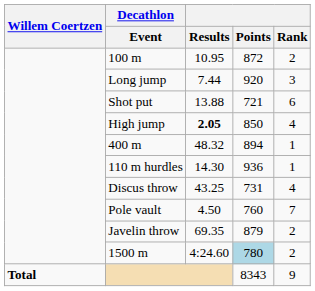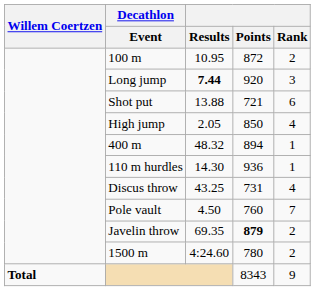 <table class=wikitable style="font-size:90%;">
 <tr>
 <th rowspan="2"><strong><a href='#'>Willem Coertzen</a></strong></th>
 <th><a href='#'>Decathlon</a></th>
 <th colspan="3"></th>
 </tr>
 <tr>
 <th>Event</th>
 <th>Results</th>
 <th>Points</th>
 <th>Rank</th>
 </tr>
 <tr style="border-top: single;">
 <td rowspan="10"></td>
 <td>100 m</td>
 <td align=center>10.95</td>
 <td align=center>872</td>
 <td align=center>2</td>
 </tr>
 <tr>
 <td>Long jump</td>
-<td align=center>7.44</td>
+<td align=center><strong>7.44</strong></td>
 <td align=center>920</td>
 <td align=center>3</td>
 </tr>
 <tr>
 <td>Shot put</td>
 <td align=center>13.88</td>
 <td align=center>721</td>
 <td align=center>6</td>
 </tr>
 <tr>
 <td>High jump</td>
-<td align=center><strong>2.05</strong></td>
+<td align=center>2.05</td>
 <td align=center>850</td>
 <td align=center>4</td>
 </tr>
 <tr>
 <td>400 m</td>
 <td align=center>48.32</td>
 <td align=center>894</td>
 <td align=center>1</td>
 </tr>
 <tr>
 <td>110 m hurdles</td>
 <td align=center>14.30</td>
 <td align=center>936</td>
 <td align=center>1</td>
 </tr>
 <tr>
 <td>Discus throw</td>
 <td align=center>43.25</td>
 <td align=center>731</td>
 <td align=center>4</td>
 </tr>
 <tr>
 <td>Pole vault</td>
 <td align=center>4.50</td>
 <td align=center>760</td>
 <td align=center>7</td>
 </tr>
 <tr>
 <td>Javelin throw</td>
 <td align=center>69.35</td>
-<td align=center>879</td>
+<td align=center><strong>879</strong></td>
 <td align=center>2</td>
 </tr>
 <tr>
 <td>1500 m</td>
 <td align=center>4:24.60</td>
-<td align=center style="background: lightblue;">780</td>
+<td align=center>780</td>
 <td align=center>2</td>
 </tr>
 <tr style="border-top: single;">
 <td><strong>Total</strong></td>
 <td colspan="2" style="background:wheat;"></td>
 <td align=center>8343</td>
 <td align=center>9</td>
 </tr>
 </table>
